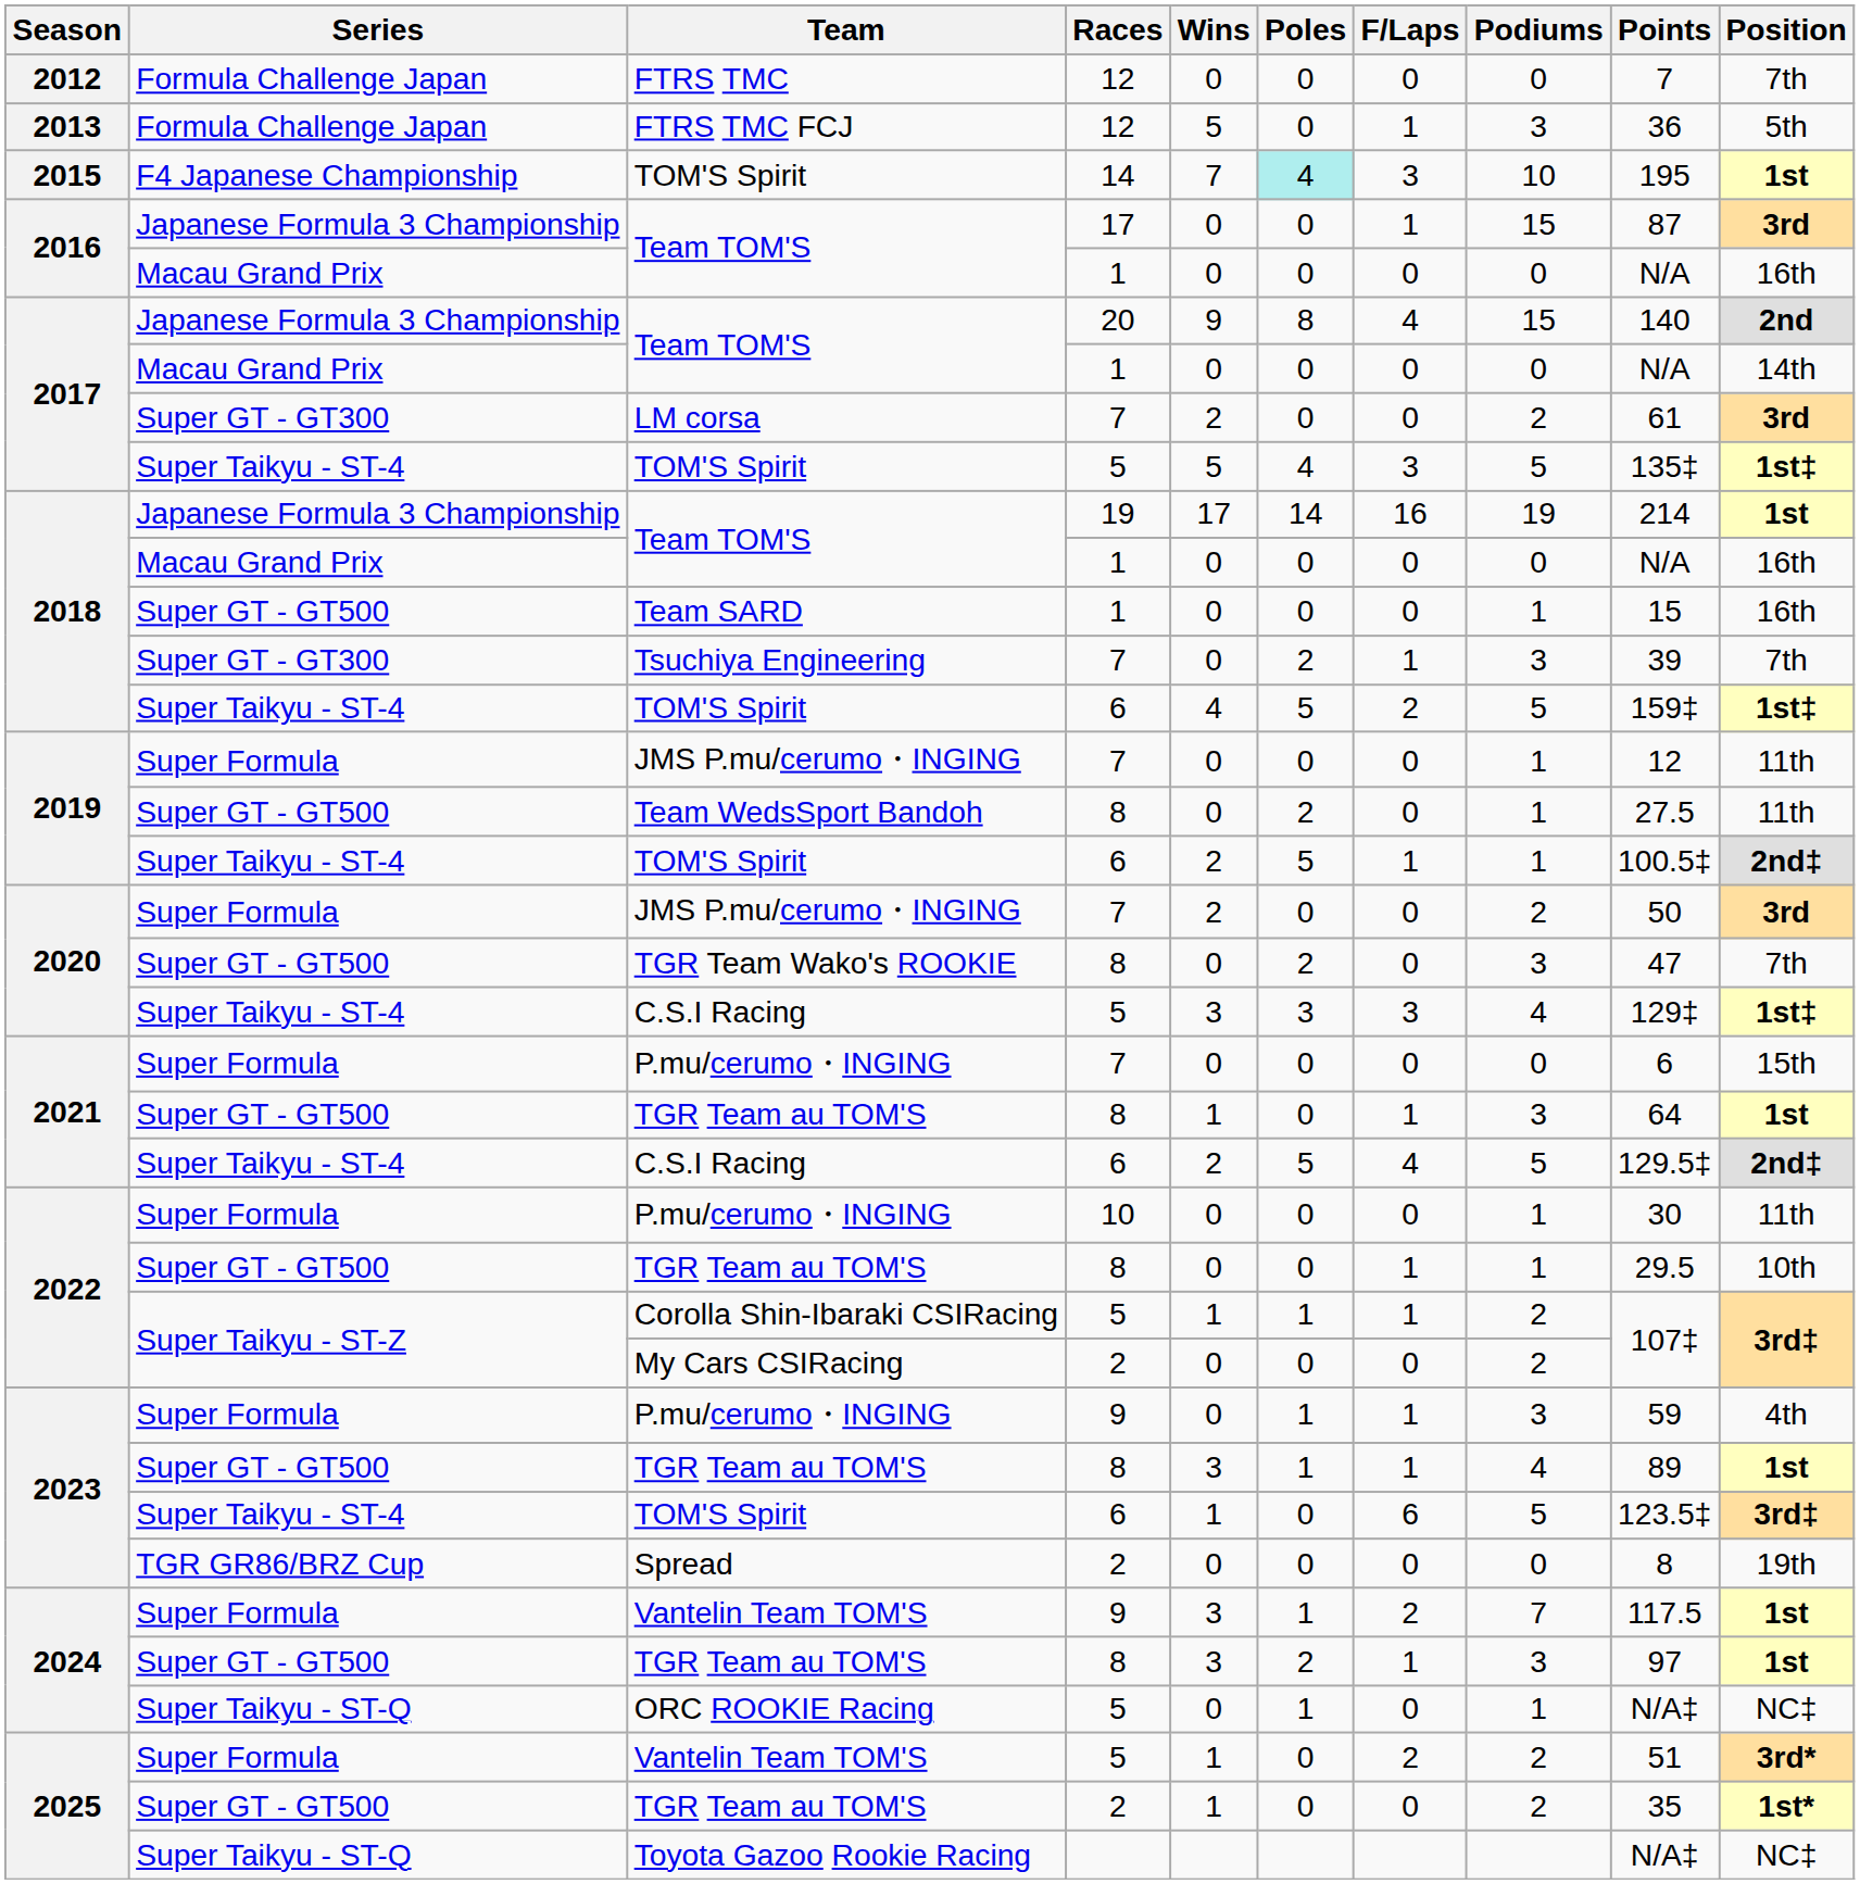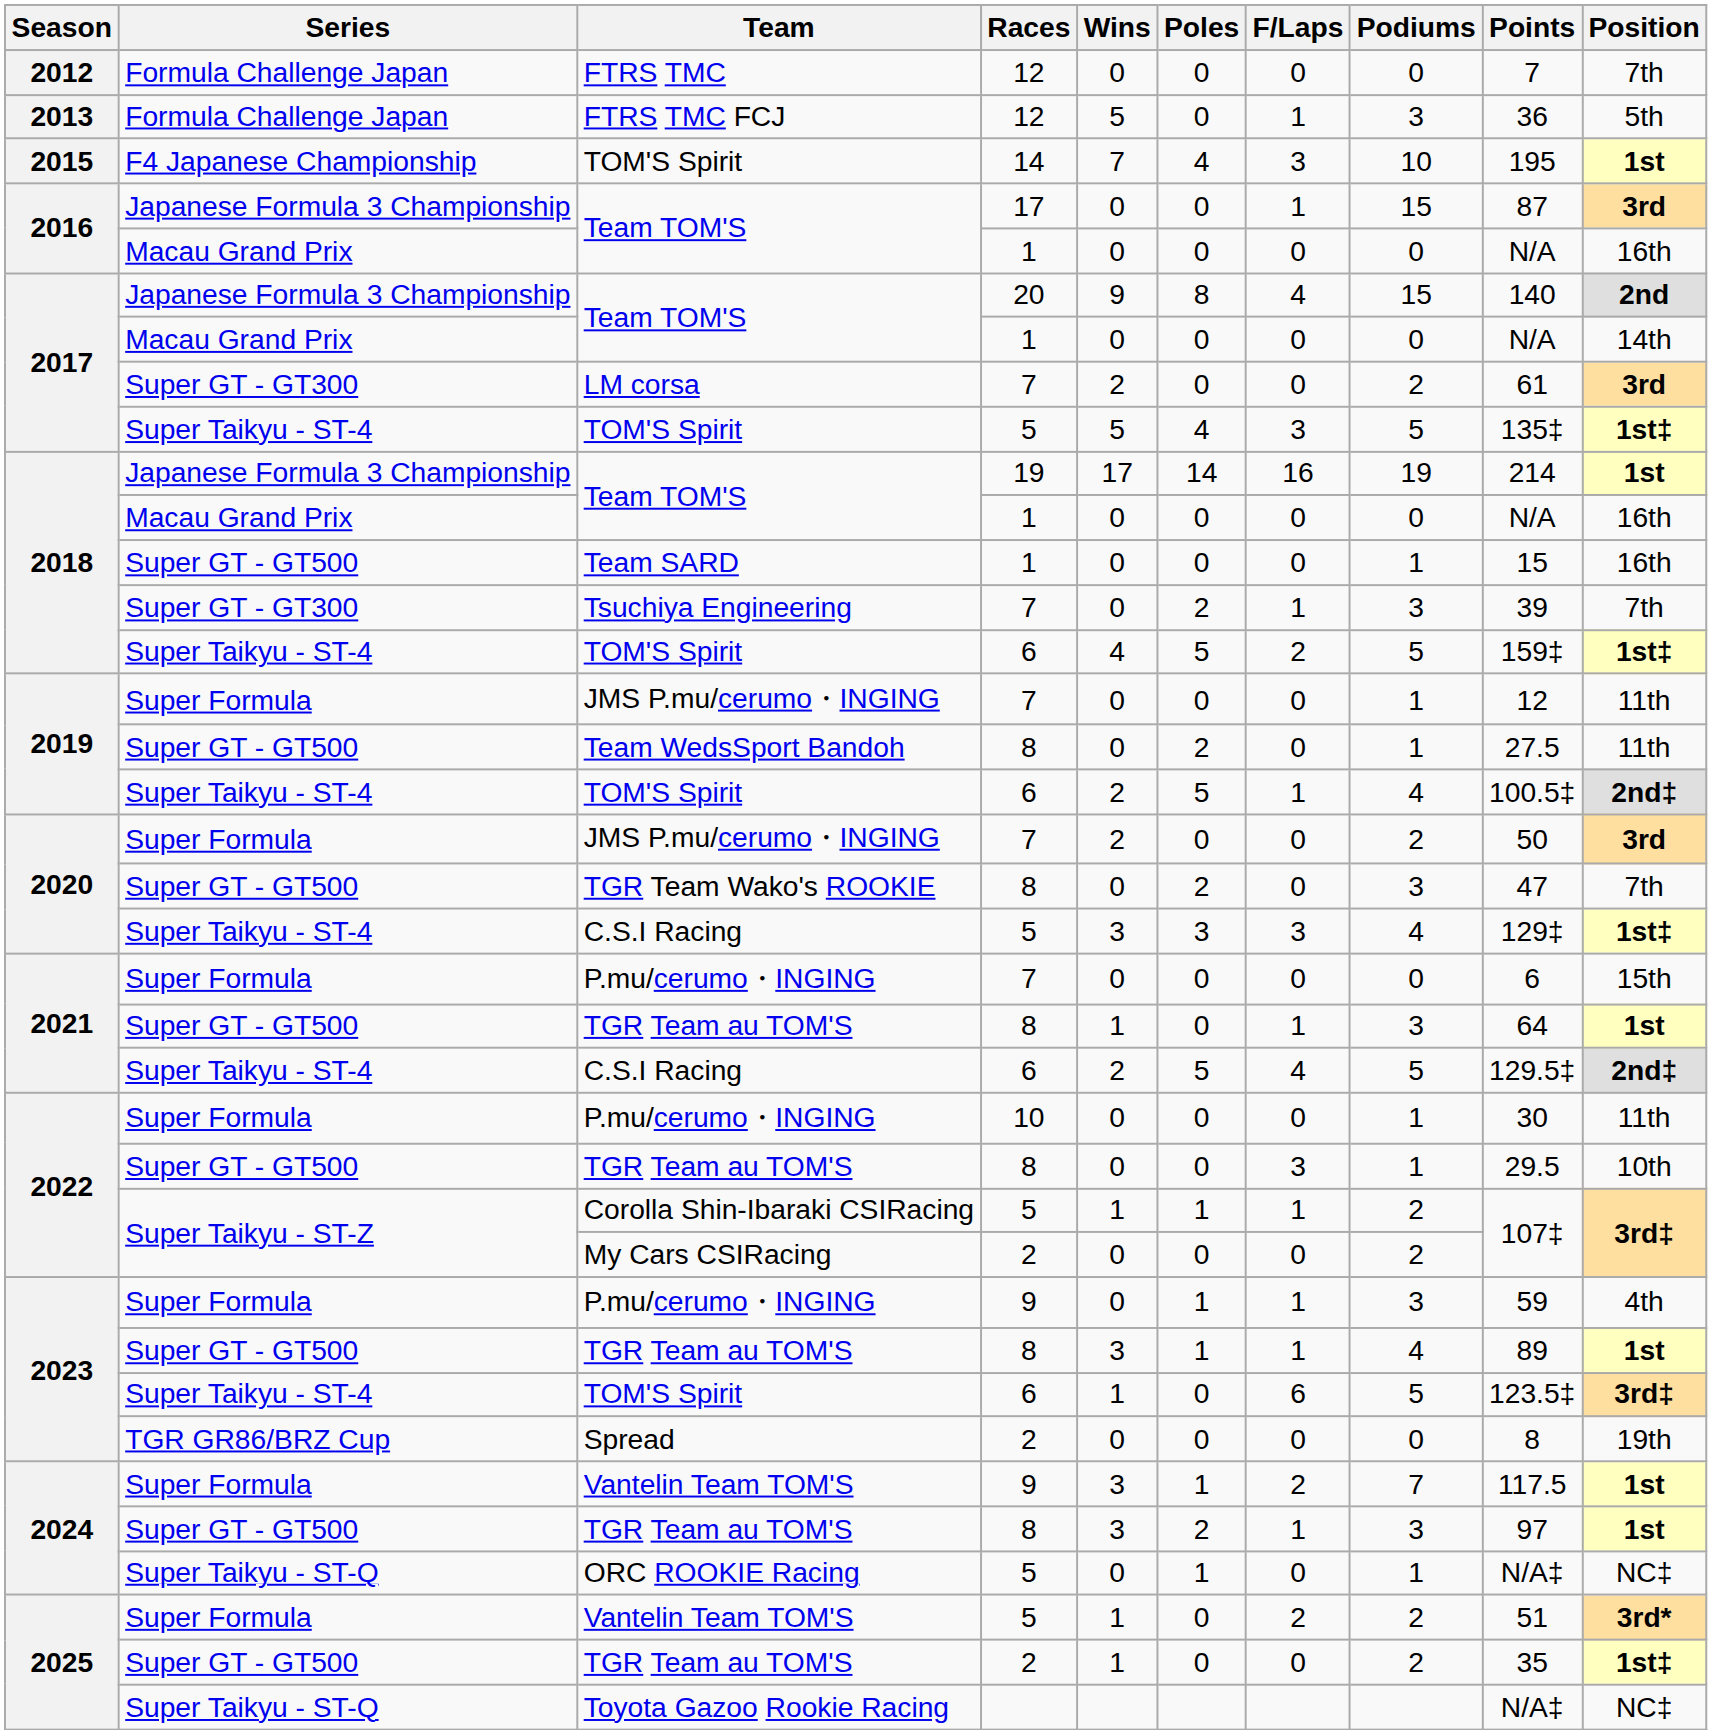 <table class="wikitable" style="font-size: 90%; text-align:center">
 <tr>
 <th>Season</th>
 <th>Series</th>
 <th>Team</th>
 <th>Races</th>
 <th>Wins</th>
 <th>Poles</th>
 <th>F/Laps</th>
 <th>Podiums</th>
 <th>Points</th>
 <th>Position</th>
 </tr>
 <tr>
 <th>2012</th>
 <td align=left><a href='#'>Formula Challenge Japan</a></td>
 <td align=left><a href='#'>FTRS</a> <a href='#'>TMC</a></td>
 <td>12</td>
 <td>0</td>
 <td>0</td>
 <td>0</td>
 <td>0</td>
 <td>7</td>
 <td>7th</td>
 </tr>
 <tr>
 <th>2013</th>
 <td align=left><a href='#'>Formula Challenge Japan</a></td>
 <td align=left><a href='#'>FTRS</a> <a href='#'>TMC</a> FCJ</td>
 <td>12</td>
 <td>5</td>
 <td>0</td>
 <td>1</td>
 <td>3</td>
 <td>36</td>
 <td>5th</td>
 </tr>
 <tr>
 <th>2015</th>
 <td align=left><a href='#'>F4 Japanese Championship</a></td>
 <td align=left>TOM'S Spirit</td>
 <td>14</td>
 <td>7</td>
-<td style="background: paleturquoise;">4</td>
+<td>4</td>
 <td>3</td>
 <td>10</td>
 <td>195</td>
 <td style="background:#FFFFBF"><strong>1st</strong></td>
 </tr>
 <tr>
 <th rowspan=2>2016</th>
 <td align=left><a href='#'>Japanese Formula 3 Championship</a></td>
 <td rowspan=2 align=left><a href='#'>Team TOM'S</a></td>
 <td>17</td>
 <td>0</td>
 <td>0</td>
 <td>1</td>
 <td>15</td>
 <td>87</td>
 <td style="background:#FFDF9F"><strong>3rd</strong></td>
 </tr>
 <tr>
 <td align=left><a href='#'>Macau Grand Prix</a></td>
 <td>1</td>
 <td>0</td>
 <td>0</td>
 <td>0</td>
 <td>0</td>
 <td>N/A</td>
 <td>16th</td>
 </tr>
 <tr>
 <th rowspan="4">2017</th>
 <td align=left><a href='#'>Japanese Formula 3 Championship</a></td>
 <td rowspan=2 align=left><a href='#'>Team TOM'S</a></td>
 <td>20</td>
 <td>9</td>
 <td>8</td>
 <td>4</td>
 <td>15</td>
 <td>140</td>
 <td style="background:#DFDFDF"><strong>2nd</strong></td>
 </tr>
 <tr>
 <td align=left><a href='#'>Macau Grand Prix</a></td>
 <td>1</td>
 <td>0</td>
 <td>0</td>
 <td>0</td>
 <td>0</td>
 <td>N/A</td>
 <td>14th</td>
 </tr>
 <tr>
 <td align=left><a href='#'>Super GT - GT300</a></td>
 <td align=left><a href='#'>LM corsa</a></td>
 <td>7</td>
 <td>2</td>
 <td>0</td>
 <td>0</td>
 <td>2</td>
 <td>61</td>
 <td style="background:#FFDF9F"><strong>3rd</strong></td>
 </tr>
 <tr>
 <td align=left><a href='#'>Super Taikyu - ST-4</a></td>
 <td align=left><a href='#'>TOM'S Spirit</a></td>
 <td>5</td>
 <td>5</td>
 <td>4</td>
 <td>3</td>
 <td>5</td>
 <td>135‡</td>
 <td style="background:#FFFFBF"><strong>1st‡</strong></td>
 </tr>
 <tr>
 <th rowspan="5">2018</th>
 <td align=left><a href='#'>Japanese Formula 3 Championship</a></td>
 <td rowspan=2 align=left><a href='#'>Team TOM'S</a></td>
 <td>19</td>
 <td>17</td>
 <td>14</td>
 <td>16</td>
 <td>19</td>
 <td>214</td>
 <td style="background:#FFFFBF"><strong>1st</strong></td>
 </tr>
 <tr>
 <td align=left><a href='#'>Macau Grand Prix</a></td>
 <td>1</td>
 <td>0</td>
 <td>0</td>
 <td>0</td>
 <td>0</td>
 <td>N/A</td>
 <td>16th</td>
 </tr>
 <tr>
 <td align=left><a href='#'>Super GT - GT500</a></td>
 <td align="left"><a href='#'>Team SARD</a></td>
 <td>1</td>
 <td>0</td>
 <td>0</td>
 <td>0</td>
 <td>1</td>
 <td>15</td>
 <td>16th</td>
 </tr>
 <tr>
 <td align="left"><a href='#'>Super GT - GT300</a></td>
 <td align="left"><a href='#'>Tsuchiya Engineering</a></td>
 <td>7</td>
 <td>0</td>
 <td>2</td>
 <td>1</td>
 <td>3</td>
 <td>39</td>
 <td>7th</td>
 </tr>
 <tr>
 <td align=left><a href='#'>Super Taikyu - ST-4</a></td>
 <td align=left><a href='#'>TOM'S Spirit</a></td>
 <td>6</td>
 <td>4</td>
 <td>5</td>
 <td>2</td>
 <td>5</td>
 <td>159‡</td>
 <td style="background:#FFFFBF"><strong>1st‡</strong></td>
 </tr>
 <tr>
 <th rowspan="3">2019</th>
 <td align=left><a href='#'>Super Formula</a></td>
 <td align=left>JMS P.mu/<a href='#'>cerumo</a>・<a href='#'>INGING</a></td>
 <td>7</td>
 <td>0</td>
 <td>0</td>
 <td>0</td>
 <td>1</td>
 <td>12</td>
 <td>11th</td>
 </tr>
 <tr>
 <td align=left><a href='#'>Super GT - GT500</a></td>
 <td align=left><a href='#'>Team WedsSport Bandoh</a></td>
 <td>8</td>
 <td>0</td>
 <td>2</td>
 <td>0</td>
 <td>1</td>
 <td>27.5</td>
 <td>11th</td>
 </tr>
 <tr>
 <td align=left><a href='#'>Super Taikyu - ST-4</a></td>
 <td align=left><a href='#'>TOM'S Spirit</a></td>
 <td>6</td>
 <td>2</td>
 <td>5</td>
 <td>1</td>
-<td>1</td>
+<td>4</td>
 <td>100.5‡</td>
 <td style="background:#DFDFDF"><strong>2nd‡</strong></td>
 </tr>
 <tr>
 <th rowspan="3">2020</th>
 <td align=left><a href='#'>Super Formula</a></td>
 <td align=left>JMS P.mu/<a href='#'>cerumo</a>・<a href='#'>INGING</a></td>
 <td>7</td>
 <td>2</td>
 <td>0</td>
 <td>0</td>
 <td>2</td>
 <td>50</td>
 <td style="background:#FFDF9F"><strong>3rd</strong></td>
 </tr>
 <tr>
 <td align=left><a href='#'>Super GT - GT500</a></td>
 <td align=left><a href='#'>TGR</a> Team Wako's <a href='#'>ROOKIE</a></td>
 <td>8</td>
 <td>0</td>
 <td>2</td>
 <td>0</td>
 <td>3</td>
 <td>47</td>
 <td>7th</td>
 </tr>
 <tr>
 <td align=left><a href='#'>Super Taikyu - ST-4</a></td>
 <td align=left>C.S.I Racing</td>
 <td>5</td>
 <td>3</td>
 <td>3</td>
 <td>3</td>
 <td>4</td>
 <td>129‡</td>
 <td style="background:#FFFFBF"><strong>1st‡</strong></td>
 </tr>
 <tr>
 <th rowspan="3">2021</th>
 <td align=left><a href='#'>Super Formula</a></td>
 <td align=left>P.mu/<a href='#'>cerumo</a>・<a href='#'>INGING</a></td>
 <td>7</td>
 <td>0</td>
 <td>0</td>
 <td>0</td>
 <td>0</td>
 <td>6</td>
 <td>15th</td>
 </tr>
 <tr>
 <td align=left><a href='#'>Super GT - GT500</a></td>
 <td align=left><a href='#'>TGR</a> <a href='#'>Team au TOM'S</a></td>
 <td>8</td>
 <td>1</td>
 <td>0</td>
 <td>1</td>
 <td>3</td>
 <td>64</td>
 <td style="background:#FFFFBF"><strong>1st</strong></td>
 </tr>
 <tr>
 <td align=left><a href='#'>Super Taikyu - ST-4</a></td>
 <td align=left>C.S.I Racing</td>
 <td>6</td>
 <td>2</td>
 <td>5</td>
 <td>4</td>
 <td>5</td>
 <td>129.5‡</td>
 <td style="background:#DFDFDF"><strong>2nd‡</strong></td>
 </tr>
 <tr>
 <th rowspan="4">2022</th>
 <td align=left><a href='#'>Super Formula</a></td>
 <td align=left>P.mu/<a href='#'>cerumo</a>・<a href='#'>INGING</a></td>
 <td>10</td>
 <td>0</td>
 <td>0</td>
 <td>0</td>
 <td>1</td>
 <td>30</td>
 <td>11th</td>
 </tr>
 <tr>
 <td align=left><a href='#'>Super GT - GT500</a></td>
 <td align=left><a href='#'>TGR</a> <a href='#'>Team au TOM'S</a></td>
 <td>8</td>
 <td>0</td>
 <td>0</td>
-<td>1</td>
+<td>3</td>
 <td>1</td>
 <td>29.5</td>
 <td>10th</td>
 </tr>
 <tr>
 <td rowspan="2" align=left><a href='#'>Super Taikyu - ST-Z</a></td>
 <td align=left>Corolla Shin-Ibaraki CSIRacing</td>
 <td>5</td>
 <td>1</td>
 <td>1</td>
 <td>1</td>
 <td>2</td>
 <td rowspan="2">107‡</td>
 <td rowspan="2" style="background:#FFDF9F"><strong>3rd‡</strong></td>
 </tr>
 <tr>
 <td align=left>My Cars CSIRacing</td>
 <td>2</td>
 <td>0</td>
 <td>0</td>
 <td>0</td>
 <td>2</td>
 </tr>
 <tr>
 <th rowspan="4">2023</th>
 <td align=left><a href='#'>Super Formula</a></td>
 <td align=left>P.mu/<a href='#'>cerumo</a>・<a href='#'>INGING</a></td>
 <td>9</td>
 <td>0</td>
 <td>1</td>
 <td>1</td>
 <td>3</td>
 <td>59</td>
 <td>4th</td>
 </tr>
 <tr>
 <td align=left><a href='#'>Super GT - GT500</a></td>
 <td align=left><a href='#'>TGR</a> <a href='#'>Team au TOM'S</a></td>
 <td>8</td>
 <td>3</td>
 <td>1</td>
 <td>1</td>
 <td>4</td>
 <td>89</td>
 <td style="background:#FFFFBF;"><strong>1st</strong></td>
 </tr>
 <tr>
 <td align=left><a href='#'>Super Taikyu - ST-4</a></td>
 <td align=left><a href='#'>TOM'S Spirit</a></td>
 <td>6</td>
 <td>1</td>
 <td>0</td>
 <td>6</td>
 <td>5</td>
 <td>123.5‡</td>
 <td style="background:#FFDF9F"><strong>3rd‡</strong></td>
 </tr>
 <tr>
 <td align=left><a href='#'>TGR GR86/BRZ Cup</a></td>
 <td align=left>Spread</td>
 <td>2</td>
 <td>0</td>
 <td>0</td>
 <td>0</td>
 <td>0</td>
 <td>8</td>
 <td>19th</td>
 </tr>
 <tr>
 <th rowspan="3">2024</th>
 <td align="left"><a href='#'>Super Formula</a></td>
 <td align="left"><a href='#'>Vantelin Team TOM'S</a></td>
 <td>9</td>
 <td>3</td>
 <td>1</td>
 <td>2</td>
 <td>7</td>
 <td>117.5</td>
 <td style="background:#FFFFBF;"><strong>1st</strong></td>
 </tr>
 <tr>
 <td align="left"><a href='#'>Super GT - GT500</a></td>
 <td align="left"><a href='#'>TGR</a> <a href='#'>Team au TOM'S</a></td>
 <td>8</td>
 <td>3</td>
 <td>2</td>
 <td>1</td>
 <td>3</td>
 <td>97</td>
 <td style="background:#FFFFBF;"><strong>1st</strong></td>
 </tr>
 <tr>
 <td align=left><a href='#'>Super Taikyu - ST-Q</a></td>
 <td align=left>ORC <a href='#'>ROOKIE Racing</a></td>
 <td>5</td>
 <td>0</td>
 <td>1</td>
 <td>0</td>
 <td>1</td>
 <td>N/A‡</td>
 <td>NC‡</td>
 </tr>
 <tr>
 <th rowspan="3">2025</th>
 <td align="left"><a href='#'>Super Formula</a></td>
 <td align="left"><a href='#'>Vantelin Team TOM'S</a></td>
 <td>5</td>
 <td>1</td>
 <td>0</td>
 <td>2</td>
 <td>2</td>
 <td>51</td>
 <td style="background:#FFDF9F;"><strong>3rd*</strong></td>
 </tr>
 <tr>
 <td align="left"><a href='#'>Super GT - GT500</a></td>
 <td align="left"><a href='#'>TGR</a> <a href='#'>Team au TOM'S</a></td>
 <td>2</td>
 <td>1</td>
 <td>0</td>
 <td>0</td>
 <td>2</td>
 <td>35</td>
-<td style="background:#FFFFBF;"><strong>1st*</strong></td>
+<td style="background:#FFFFBF"><strong>1st‡</strong></td>
 </tr>
 <tr>
 <td align=left><a href='#'>Super Taikyu - ST-Q</a></td>
 <td align=left><a href='#'>Toyota Gazoo</a> <a href='#'>Rookie Racing</a></td>
 <td></td>
 <td></td>
 <td></td>
 <td></td>
 <td></td>
 <td>N/A‡</td>
 <td>NC‡</td>
 </tr>
 <tr>
 </tr>
 </table>
